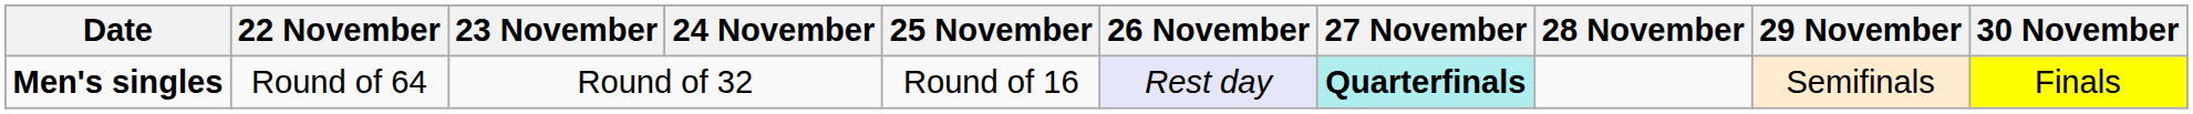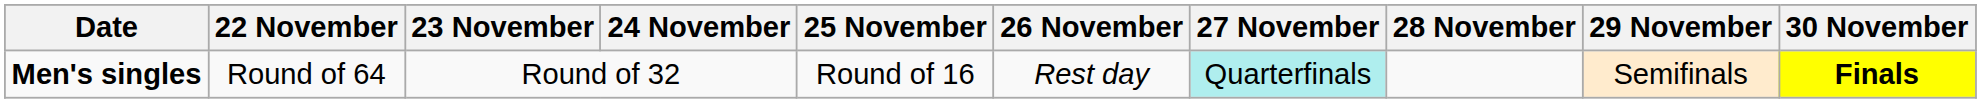 <table class="wikitable" style="text-align:center">
 <tr>
 <th>Date</th>
 <th>22 November</th>
 <th>23 November</th>
 <th>24 November</th>
 <th>25 November</th>
 <th>26 November</th>
 <th>27 November</th>
 <th>28 November</th>
 <th>29 November</th>
 <th>30 November</th>
 </tr>
 <tr>
 <td align="left"><strong>Men's singles</strong></td>
 <td>Round of 64</td>
 <td colspan=2>Round of 32</td>
 <td>Round of 16</td>
-<td style="background: lavender;"><em>Rest day</em></td>
-<td bgcolor="#afeeee"><strong>Quarterfinals</strong></td>
+<td><em>Rest day</em></td>
+<td bgcolor="#afeeee">Quarterfinals</td>
 <td></td>
 <td bgcolor="#ffebcd">Semifinals</td>
-<td bgcolor="#FFFF00">Finals</td>
+<td bgcolor="#FFFF00"><strong>Finals</strong></td>
 </tr>
 </table>
